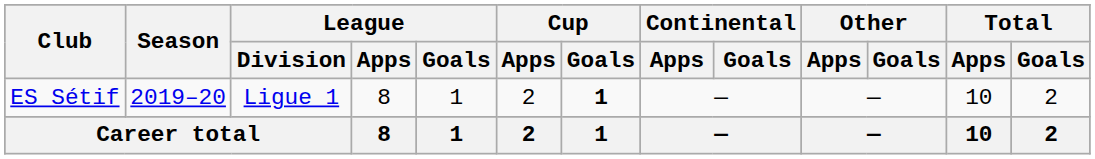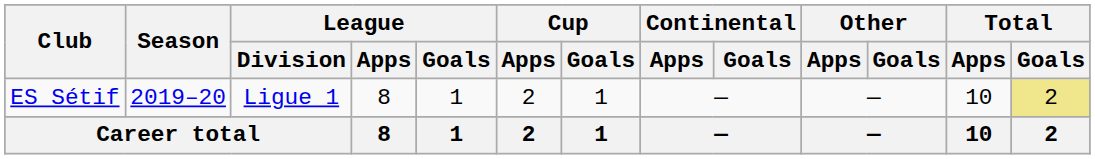 <table class="wikitable" style="text-align: center;">
 <tr>
 <th rowspan="2">Club</th>
 <th rowspan="2">Season</th>
 <th colspan="3">League</th>
 <th colspan="2">Cup</th>
 <th colspan="2">Continental</th>
 <th colspan="2">Other</th>
 <th colspan="2">Total</th>
 </tr>
 <tr>
 <th>Division</th>
 <th>Apps</th>
 <th>Goals</th>
 <th>Apps</th>
 <th>Goals</th>
 <th>Apps</th>
 <th>Goals</th>
 <th>Apps</th>
 <th>Goals</th>
 <th>Apps</th>
 <th>Goals</th>
 </tr>
 <tr>
 <td valign="center"><a href='#'>ES Sétif</a></td>
 <td><a href='#'>2019–20</a></td>
 <td><a href='#'>Ligue 1</a></td>
 <td>8</td>
 <td>1</td>
 <td>2</td>
-<td><strong>1</strong></td>
+<td>1</td>
 <td colspan=2>—</td>
 <td colspan=2>—</td>
 <td>10</td>
-<td>2</td>
+<td style="background: khaki;">2</td>
 </tr>
 <tr>
 <th colspan="3">Career total</th>
 <th>8</th>
 <th>1</th>
 <th>2</th>
 <th>1</th>
 <th colspan=2>—</th>
 <th colspan=2>—</th>
 <th>10</th>
 <th>2</th>
 </tr>
 </table>
